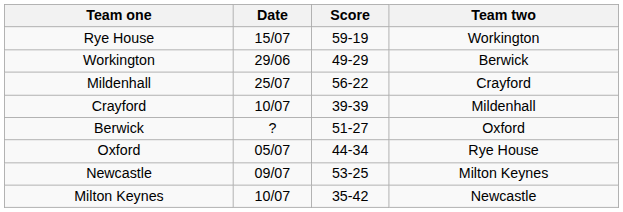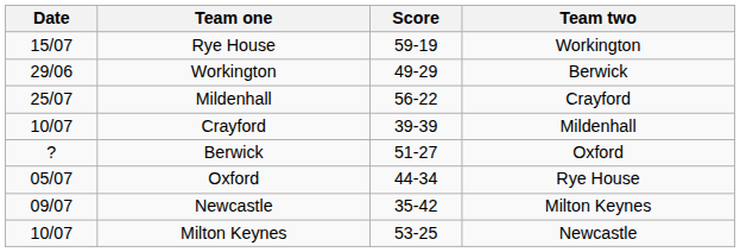 <table class="wikitable" style="text-align: center">
 <tr>
+<th width=80>Date</th>
 <th width=250>Team one</th>
-<th width=80>Date</th>
 <th width=80>Score</th>
 <th width=250>Team two</th>
 </tr>
 <tr>
+<td>15/07</td>
 <td>Rye House</td>
-<td>15/07</td>
 <td>59-19</td>
 <td>Workington</td>
 </tr>
 <tr>
+<td>29/06</td>
 <td>Workington</td>
-<td>29/06</td>
 <td>49-29</td>
 <td>Berwick</td>
 </tr>
 <tr>
+<td>25/07</td>
 <td>Mildenhall</td>
-<td>25/07</td>
 <td>56-22</td>
 <td>Crayford</td>
 </tr>
 <tr>
+<td>10/07</td>
 <td>Crayford</td>
-<td>10/07</td>
 <td>39-39</td>
 <td>Mildenhall</td>
 </tr>
 <tr>
+<td>?</td>
 <td>Berwick</td>
-<td>?</td>
 <td>51-27</td>
 <td>Oxford</td>
 </tr>
 <tr>
+<td>05/07</td>
 <td>Oxford</td>
-<td>05/07</td>
 <td>44-34</td>
 <td>Rye House</td>
 </tr>
 <tr>
+<td>09/07</td>
 <td>Newcastle</td>
-<td>09/07</td>
-<td>53-25</td>
+<td>35-42</td>
 <td>Milton Keynes</td>
 </tr>
 <tr>
+<td>10/07</td>
 <td>Milton Keynes</td>
-<td>10/07</td>
-<td>35-42</td>
+<td>53-25</td>
 <td>Newcastle</td>
 </tr>
 </table>
